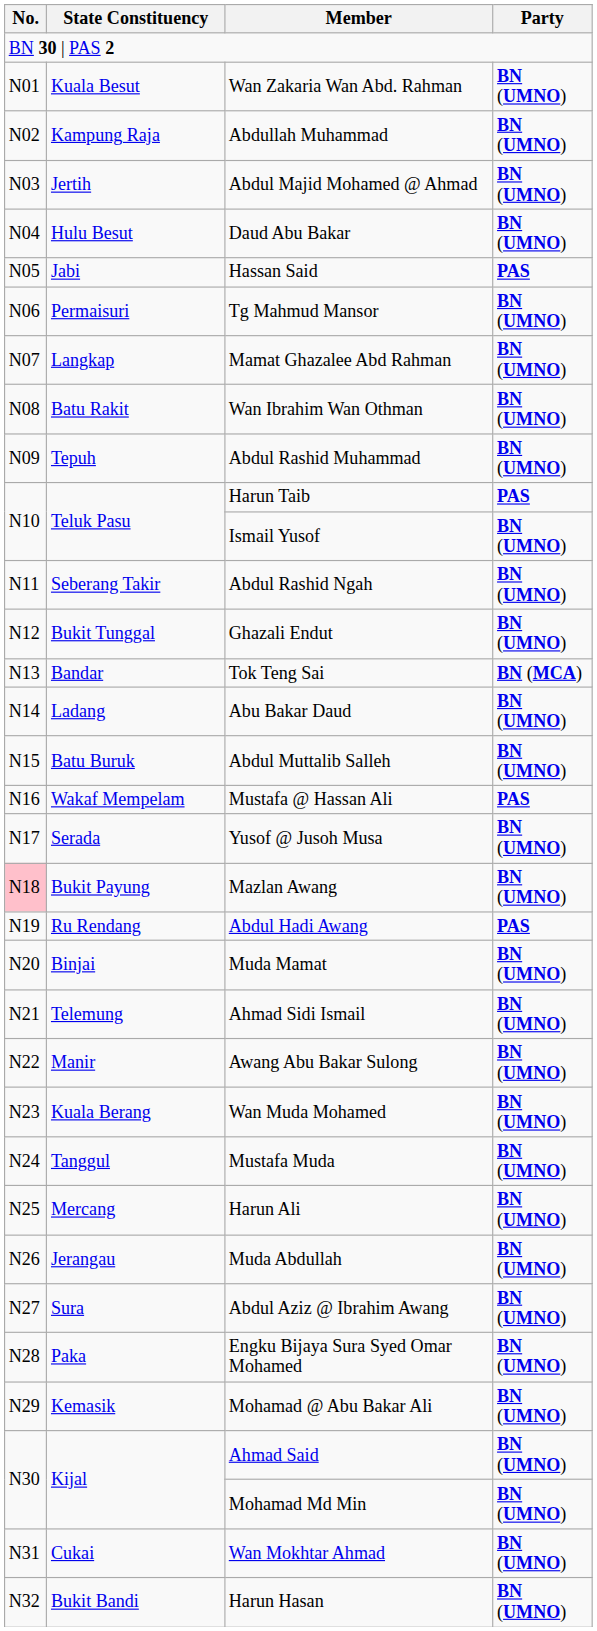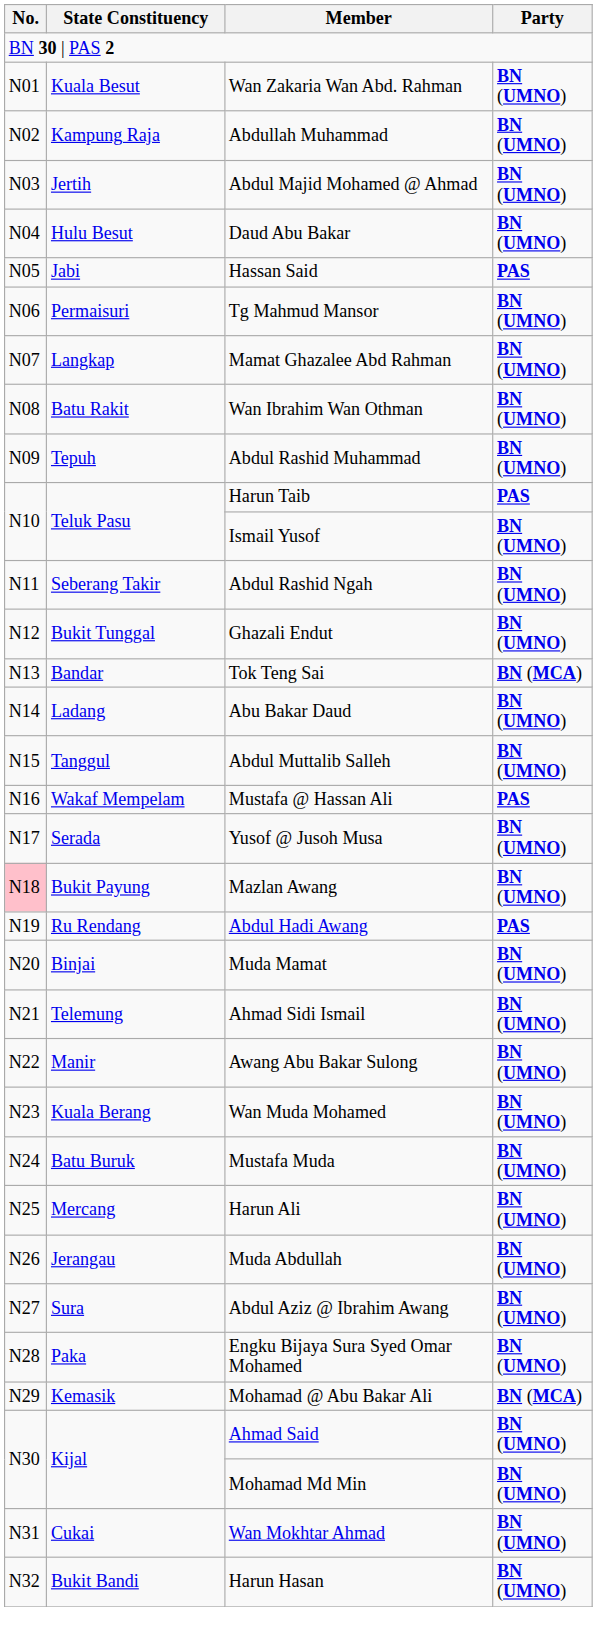 <table class="wikitable sortable">
 <tr>
 <th style="width:30px;">No.</th>
 <th style="width:150px;">State Constituency</th>
 <th style="width:230px;">Member</th>
 <th style="width:80px;">Party</th>
 </tr>
 <tr>
 <td colspan="4"><a href='#'>BN</a> <strong>30</strong> | <a href='#'>PAS</a> <strong>2</strong></td>
 </tr>
 <tr>
 <td>N01</td>
 <td><a href='#'>Kuala Besut</a></td>
 <td>Wan Zakaria Wan Abd. Rahman</td>
 <td><strong><a href='#'>BN</a></strong> (<strong><a href='#'>UMNO</a></strong>)</td>
 </tr>
 <tr>
 <td>N02</td>
 <td><a href='#'>Kampung Raja</a></td>
 <td>Abdullah Muhammad</td>
 <td><strong><a href='#'>BN</a></strong> (<strong><a href='#'>UMNO</a></strong>)</td>
 </tr>
 <tr>
 <td>N03</td>
 <td><a href='#'>Jertih</a></td>
 <td>Abdul Majid Mohamed @ Ahmad</td>
 <td><strong><a href='#'>BN</a></strong> (<strong><a href='#'>UMNO</a></strong>)</td>
 </tr>
 <tr>
 <td>N04</td>
 <td><a href='#'>Hulu Besut</a></td>
 <td>Daud Abu Bakar</td>
 <td><strong><a href='#'>BN</a></strong> (<strong><a href='#'>UMNO</a></strong>)</td>
 </tr>
 <tr>
 <td>N05</td>
 <td><a href='#'>Jabi</a></td>
 <td>Hassan Said</td>
 <td><strong><a href='#'>PAS</a></strong></td>
 </tr>
 <tr>
 <td>N06</td>
 <td><a href='#'>Permaisuri</a></td>
 <td>Tg Mahmud Mansor</td>
 <td><strong><a href='#'>BN</a></strong> (<strong><a href='#'>UMNO</a></strong>)</td>
 </tr>
 <tr>
 <td>N07</td>
 <td><a href='#'>Langkap</a></td>
 <td>Mamat Ghazalee Abd Rahman</td>
 <td><strong><a href='#'>BN</a></strong> (<strong><a href='#'>UMNO</a></strong>)</td>
 </tr>
 <tr>
 <td>N08</td>
 <td><a href='#'>Batu Rakit</a></td>
 <td>Wan Ibrahim Wan Othman</td>
 <td><strong><a href='#'>BN</a></strong> (<strong><a href='#'>UMNO</a></strong>)</td>
 </tr>
 <tr>
 <td>N09</td>
 <td><a href='#'>Tepuh</a></td>
 <td>Abdul Rashid Muhammad</td>
 <td><strong><a href='#'>BN</a></strong> (<strong><a href='#'>UMNO</a></strong>)</td>
 </tr>
 <tr>
 <td rowspan=2>N10</td>
 <td rowspan=2><a href='#'>Teluk Pasu</a></td>
 <td>Harun Taib </td>
 <td><strong><a href='#'>PAS</a></strong></td>
 </tr>
 <tr>
 <td>Ismail Yusof </td>
 <td><strong><a href='#'>BN</a></strong> (<strong><a href='#'>UMNO</a></strong>)</td>
 </tr>
 <tr>
 <td>N11</td>
 <td><a href='#'>Seberang Takir</a></td>
 <td>Abdul Rashid Ngah</td>
 <td><strong><a href='#'>BN</a></strong> (<strong><a href='#'>UMNO</a></strong>)</td>
 </tr>
 <tr>
 <td>N12</td>
 <td><a href='#'>Bukit Tunggal</a></td>
 <td>Ghazali Endut</td>
 <td><strong><a href='#'>BN</a></strong> (<strong><a href='#'>UMNO</a></strong>)</td>
 </tr>
 <tr>
 <td>N13</td>
 <td><a href='#'>Bandar</a></td>
 <td>Tok Teng Sai</td>
 <td><strong><a href='#'>BN</a></strong> (<strong><a href='#'>MCA</a></strong>)</td>
 </tr>
 <tr>
 <td>N14</td>
 <td><a href='#'>Ladang</a></td>
 <td>Abu Bakar Daud</td>
 <td><strong><a href='#'>BN</a></strong> (<strong><a href='#'>UMNO</a></strong>)</td>
 </tr>
 <tr>
 <td>N15</td>
-<td><a href='#'>Batu Buruk</a></td>
+<td><a href='#'>Tanggul</a></td>
 <td>Abdul Muttalib Salleh</td>
 <td><strong><a href='#'>BN</a></strong> (<strong><a href='#'>UMNO</a></strong>)</td>
 </tr>
 <tr>
 <td>N16</td>
 <td><a href='#'>Wakaf Mempelam</a></td>
 <td>Mustafa @ Hassan Ali</td>
 <td><strong><a href='#'>PAS</a></strong></td>
 </tr>
 <tr>
 <td>N17</td>
 <td><a href='#'>Serada</a></td>
 <td>Yusof @ Jusoh Musa</td>
 <td><strong><a href='#'>BN</a></strong> (<strong><a href='#'>UMNO</a></strong>)</td>
 </tr>
 <tr>
 <td style="background: pink;">N18</td>
 <td><a href='#'>Bukit Payung</a></td>
 <td>Mazlan Awang</td>
 <td><strong><a href='#'>BN</a></strong> (<strong><a href='#'>UMNO</a></strong>)</td>
 </tr>
 <tr>
 <td>N19</td>
 <td><a href='#'>Ru Rendang</a></td>
 <td><a href='#'>Abdul Hadi Awang</a></td>
 <td><strong><a href='#'>PAS</a></strong></td>
 </tr>
 <tr>
 <td>N20</td>
 <td><a href='#'>Binjai</a></td>
 <td>Muda Mamat</td>
 <td><strong><a href='#'>BN</a></strong> (<strong><a href='#'>UMNO</a></strong>)</td>
 </tr>
 <tr>
 <td>N21</td>
 <td><a href='#'>Telemung</a></td>
 <td>Ahmad Sidi Ismail</td>
 <td><strong><a href='#'>BN</a></strong> (<strong><a href='#'>UMNO</a></strong>)</td>
 </tr>
 <tr>
 <td>N22</td>
 <td><a href='#'>Manir</a></td>
 <td>Awang Abu Bakar Sulong</td>
 <td><strong><a href='#'>BN</a></strong> (<strong><a href='#'>UMNO</a></strong>)</td>
 </tr>
 <tr>
 <td>N23</td>
 <td><a href='#'>Kuala Berang</a></td>
 <td>Wan Muda Mohamed</td>
 <td><strong><a href='#'>BN</a></strong> (<strong><a href='#'>UMNO</a></strong>)</td>
 </tr>
 <tr>
 <td>N24</td>
-<td><a href='#'>Tanggul</a></td>
+<td><a href='#'>Batu Buruk</a></td>
 <td>Mustafa Muda</td>
 <td><strong><a href='#'>BN</a></strong> (<strong><a href='#'>UMNO</a></strong>)</td>
 </tr>
 <tr>
 <td>N25</td>
 <td><a href='#'>Mercang</a></td>
 <td>Harun Ali</td>
 <td><strong><a href='#'>BN</a></strong> (<strong><a href='#'>UMNO</a></strong>)</td>
 </tr>
 <tr>
 <td>N26</td>
 <td><a href='#'>Jerangau</a></td>
 <td>Muda Abdullah</td>
 <td><strong><a href='#'>BN</a></strong> (<strong><a href='#'>UMNO</a></strong>)</td>
 </tr>
 <tr>
 <td>N27</td>
 <td><a href='#'>Sura</a></td>
 <td>Abdul Aziz @ Ibrahim Awang</td>
 <td><strong><a href='#'>BN</a></strong> (<strong><a href='#'>UMNO</a></strong>)</td>
 </tr>
 <tr>
 <td>N28</td>
 <td><a href='#'>Paka</a></td>
 <td>Engku Bijaya Sura Syed Omar Mohamed</td>
 <td><strong><a href='#'>BN</a></strong> (<strong><a href='#'>UMNO</a></strong>)</td>
 </tr>
 <tr>
 <td>N29</td>
 <td><a href='#'>Kemasik</a></td>
 <td>Mohamad @ Abu Bakar Ali</td>
-<td><strong><a href='#'>BN</a></strong> (<strong><a href='#'>UMNO</a></strong>)</td>
+<td><strong><a href='#'>BN</a></strong> (<strong><a href='#'>MCA</a></strong>)</td>
 </tr>
 <tr>
 <td rowspan=2>N30</td>
 <td rowspan=2><a href='#'>Kijal</a></td>
 <td><a href='#'>Ahmad Said</a> </td>
 <td><strong><a href='#'>BN</a></strong> (<strong><a href='#'>UMNO</a></strong>)</td>
 </tr>
 <tr>
 <td>Mohamad Md Min </td>
 <td><strong><a href='#'>BN</a></strong> (<strong><a href='#'>UMNO</a></strong>)</td>
 </tr>
 <tr>
 <td>N31</td>
 <td><a href='#'>Cukai</a></td>
 <td><a href='#'>Wan Mokhtar Ahmad</a></td>
 <td><strong><a href='#'>BN</a></strong> (<strong><a href='#'>UMNO</a></strong>)</td>
 </tr>
 <tr>
 <td>N32</td>
 <td><a href='#'>Bukit Bandi</a></td>
 <td>Harun Hasan</td>
 <td><strong><a href='#'>BN</a></strong> (<strong><a href='#'>UMNO</a></strong>)</td>
 </tr>
 </table>
